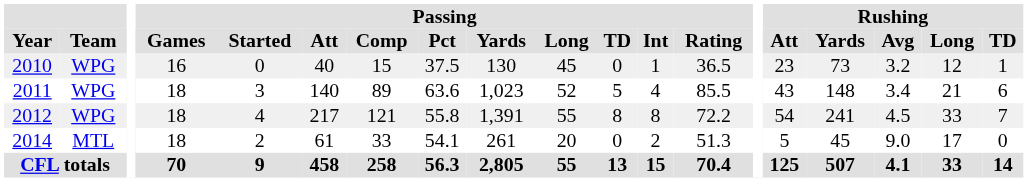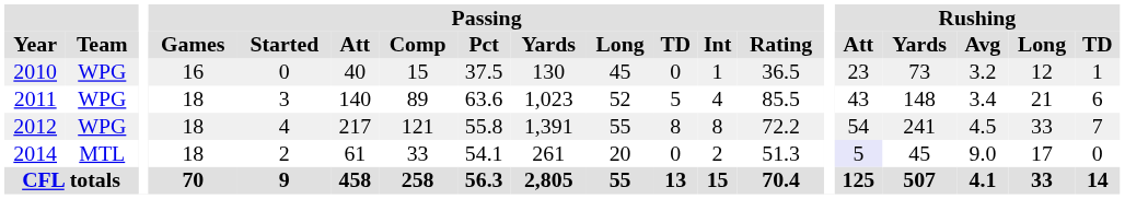 <table BORDER="0" CELLPADDING="1" CELLSPACING="0" width="65%" style="text-align:center">
 <tr bgcolor="#e0e0e0">
 <th colspan="2"></th>
 <th rowspan="99" bgcolor="#ffffff"> </th>
 <th colspan="10">Passing</th>
 <th rowspan="99" bgcolor="#ffffff"> </th>
 <th colspan="6">Rushing</th>
 </tr>
 <tr bgcolor="#e0e0e0">
 <th>Year</th>
 <th>Team</th>
 <th>Games</th>
 <th>Started</th>
 <th>Att</th>
 <th>Comp</th>
 <th>Pct</th>
 <th>Yards</th>
 <th>Long</th>
 <th>TD</th>
 <th>Int</th>
 <th>Rating</th>
 <th>Att</th>
 <th>Yards</th>
 <th>Avg</th>
 <th>Long</th>
 <th>TD</th>
 </tr>
 <tr ALIGN="center" bgcolor="#f0f0f0">
 <td><a href='#'>2010</a></td>
 <td><a href='#'>WPG</a></td>
 <td>16</td>
 <td>0</td>
 <td>40</td>
 <td>15</td>
 <td>37.5</td>
 <td>130</td>
 <td>45</td>
 <td>0</td>
 <td>1</td>
 <td>36.5</td>
 <td>23</td>
 <td>73</td>
 <td>3.2</td>
 <td>12</td>
 <td>1</td>
 </tr>
 <tr ALIGN="center">
 <td><a href='#'>2011</a></td>
 <td><a href='#'>WPG</a></td>
 <td>18</td>
 <td>3</td>
 <td>140</td>
 <td>89</td>
 <td>63.6</td>
 <td>1,023</td>
 <td>52</td>
 <td>5</td>
 <td>4</td>
 <td>85.5</td>
 <td>43</td>
 <td>148</td>
 <td>3.4</td>
 <td>21</td>
 <td>6</td>
 </tr>
 <tr ALIGN="center" bgcolor="#f0f0f0">
 <td><a href='#'>2012</a></td>
 <td><a href='#'>WPG</a></td>
 <td>18</td>
 <td>4</td>
 <td>217</td>
 <td>121</td>
 <td>55.8</td>
 <td>1,391</td>
 <td>55</td>
 <td>8</td>
 <td>8</td>
 <td>72.2</td>
 <td>54</td>
 <td>241</td>
 <td>4.5</td>
 <td>33</td>
 <td>7</td>
 </tr>
 <tr ALIGN="center">
 <td><a href='#'>2014</a></td>
 <td><a href='#'>MTL</a></td>
 <td>18</td>
 <td>2</td>
 <td>61</td>
 <td>33</td>
 <td>54.1</td>
 <td>261</td>
 <td>20</td>
 <td>0</td>
 <td>2</td>
 <td>51.3</td>
-<td>5</td>
+<td style="background: lavender;">5</td>
 <td>45</td>
 <td>9.0</td>
 <td>17</td>
 <td>0</td>
 </tr>
 <tr bgcolor="#e0e0e0">
 <th colspan="2"><a href='#'>CFL</a> totals</th>
 <th>70</th>
 <th>9</th>
 <th>458</th>
 <th>258</th>
 <th>56.3</th>
 <th>2,805</th>
 <th>55</th>
 <th>13</th>
 <th>15</th>
 <th>70.4</th>
 <th>125</th>
 <th>507</th>
 <th>4.1</th>
 <th>33</th>
 <th>14</th>
 </tr>
 </table>
